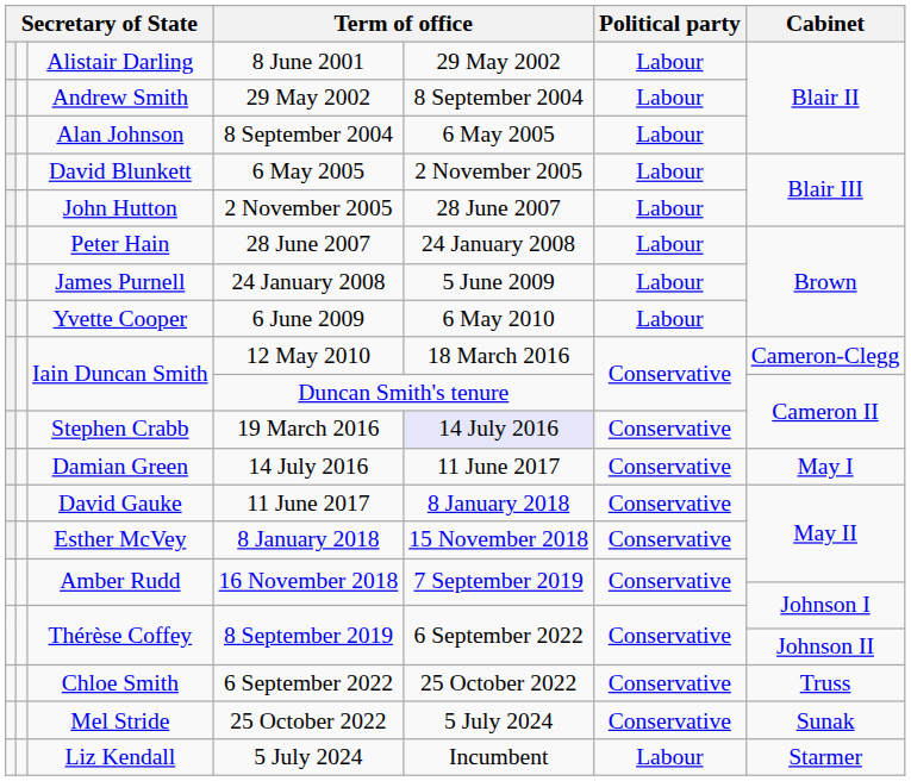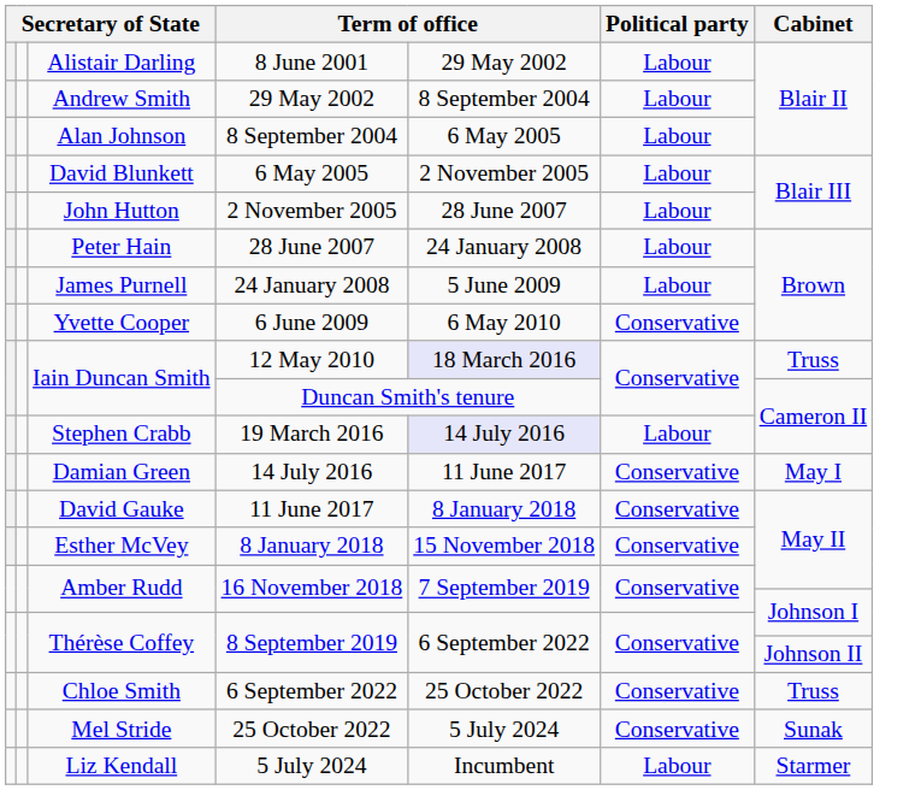 <table class="wikitable" style="text-align:center">
 <tr style="height:1em">
 <th colspan=3>Secretary of State</th>
 <th colspan=2>Term of office</th>
 <th>Political party</th>
 <th>Cabinet</th>
 </tr>
 <tr style="height:1em">
 <th style="background-color:"></th>
 <td></td>
 <td><a href='#'>Alistair Darling</a></td>
 <td>8 June 2001</td>
 <td>29 May 2002</td>
 <td><a href='#'>Labour</a></td>
 <td rowspan="3" ><a href='#'>Blair II</a></td>
 </tr>
 <tr style="height:1em">
 <th style="background-color:"></th>
 <td></td>
 <td><a href='#'>Andrew Smith</a></td>
 <td>29 May 2002</td>
 <td>8 September 2004</td>
 <td><a href='#'>Labour</a></td>
 </tr>
 <tr style="height:1em">
 <th style="background-color:"></th>
 <td></td>
 <td><a href='#'>Alan Johnson</a></td>
 <td>8 September 2004</td>
 <td>6 May 2005</td>
 <td><a href='#'>Labour</a></td>
 </tr>
 <tr style="height:1em">
 <th style="background-color:"></th>
 <td></td>
 <td><a href='#'>David Blunkett</a></td>
 <td>6 May 2005</td>
 <td>2 November 2005</td>
 <td Labo><a href='#'>Labour</a></td>
 <td rowspan="2" ><a href='#'>Blair III</a></td>
 </tr>
 <tr style="height:1em">
 <th style="background-color:"></th>
 <td></td>
 <td><a href='#'>John Hutton</a></td>
 <td>2 November 2005</td>
 <td>28 June 2007</td>
 <td><a href='#'>Labour</a></td>
 </tr>
 <tr style="height:1em">
 <th style="background-color:"></th>
 <td></td>
 <td><a href='#'>Peter Hain</a></td>
 <td>28 June 2007</td>
 <td>24 January 2008</td>
 <td><a href='#'>Labour</a></td>
 <td rowspan="3" ><a href='#'>Brown</a></td>
 </tr>
 <tr style="height:1em">
 <th style="background-color:"></th>
 <td></td>
 <td><a href='#'>James Purnell</a><br></td>
 <td>24 January 2008</td>
 <td>5 June 2009</td>
 <td><a href='#'>Labour</a></td>
 </tr>
 <tr style="height:1em">
 <th style="background-color:"></th>
 <td></td>
 <td><a href='#'>Yvette Cooper</a><br></td>
 <td>6 June 2009</td>
 <td>6 May 2010</td>
-<td><a href='#'>Labour</a></td>
+<td><a href='#'>Conservative</a></td>
 </tr>
 <tr style="height:1em">
 <th rowspan=2 style="background-color:"></th>
 <td rowspan=2></td>
 <td rowspan=2><a href='#'>Iain Duncan Smith</a><br></td>
 <td>12 May 2010</td>
-<td>18 March 2016</td>
+<td style="background: lavender;">18 March 2016</td>
 <td rowspan=2 ><a href='#'>Conservative</a></td>
-<td><a href='#'>Cameron-Clegg</a></td>
+<td><a href='#'>Truss</a></td>
 </tr>
 <tr>
 <td colspan=2 style="text-align:center"><a href='#'>Duncan Smith's tenure</a></td>
 <td rowspan="2" ><a href='#'>Cameron II</a></td>
 </tr>
 <tr style="height:1em">
 <th style="background-color:"></th>
 <td></td>
 <td><a href='#'>Stephen Crabb</a><br></td>
 <td>19 March 2016</td>
 <td style="background: lavender;">14 July 2016</td>
-<td><a href='#'>Conservative</a></td>
+<td><a href='#'>Labour</a></td>
 </tr>
 <tr style="height:1em">
 <th style="background-color:"></th>
 <td></td>
 <td><a href='#'>Damian Green</a><br></td>
 <td>14 July 2016</td>
 <td>11 June 2017</td>
 <td><a href='#'>Conservative</a></td>
 <td><a href='#'>May I</a></td>
 </tr>
 <tr style="height:1em">
 <th style="background-color:"></th>
 <td></td>
 <td><a href='#'>David Gauke</a><br></td>
 <td>11 June 2017</td>
 <td><a href='#'>8 January 2018</a></td>
 <td><a href='#'>Conservative</a></td>
 <td rowspan="3" ><a href='#'>May II</a></td>
 </tr>
 <tr style="height:1em">
 <th style="background-color:"></th>
 <td></td>
 <td><a href='#'>Esther McVey</a><br></td>
 <td><a href='#'>8 January 2018</a></td>
 <td><a href='#'>15 November 2018</a></td>
 <td><a href='#'>Conservative</a></td>
 </tr>
 <tr style="height:1em">
 <td rowspan=2 style="background-color:"></td>
 <td rowspan=2></td>
 <td rowspan=2><a href='#'>Amber Rudd</a><br></td>
 <td rowspan=2><a href='#'>16 November 2018</a></td>
 <td rowspan=2><a href='#'>7 September 2019</a></td>
 <td rowspan=2  ><a href='#'>Conservative</a></td>
 </tr>
 <tr style="height:1em">
 <td rowspan="2" ><a href='#'>Johnson I</a></td>
 </tr>
 <tr style="height:1em">
 <td rowspan=2 style="background-color:"></td>
 <td rowspan=2></td>
 <td rowspan=2><a href='#'>Thérèse Coffey</a><br></td>
 <td rowspan=2><a href='#'>8 September 2019</a></td>
 <td rowspan=2>6 September 2022</td>
 <td rowspan=2  ><a href='#'>Conservative</a></td>
 </tr>
 <tr>
 <td><a href='#'>Johnson II</a></td>
 </tr>
 <tr style="height:1em">
 <td style="background-color:"></td>
 <td></td>
 <td><a href='#'>Chloe Smith</a><br></td>
 <td>6 September 2022</td>
 <td>25 October 2022</td>
 <td><a href='#'>Conservative</a></td>
 <td><a href='#'>Truss</a></td>
 </tr>
 <tr style="height:1em">
 <td style="background-color:"></td>
 <td></td>
 <td><a href='#'>Mel Stride</a><br></td>
 <td>25 October 2022</td>
 <td>5 July 2024</td>
 <td><a href='#'>Conservative</a></td>
 <td><a href='#'>Sunak</a></td>
 </tr>
 <tr style="height:1em">
 <td style="background-color:"></td>
 <td></td>
 <td><a href='#'>Liz Kendall</a><br></td>
 <td>5 July 2024</td>
 <td>Incumbent</td>
 <td><a href='#'>Labour</a></td>
 <td><a href='#'>Starmer</a></td>
 </tr>
 </table>
